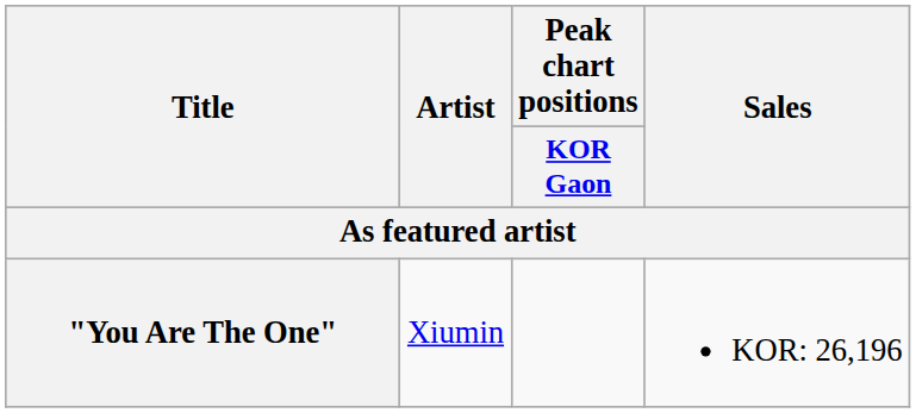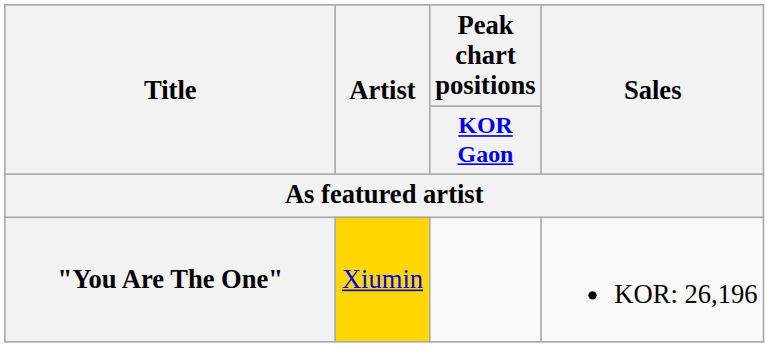 <table class="wikitable plainrowheaders" style="text-align:center;">
 <tr>
 <th rowspan="2" style="width:12em;">Title</th>
 <th rowspan="2">Artist</th>
 <th>Peak chart<br>positions</th>
 <th rowspan="2">Sales</th>
 </tr>
 <tr>
 <th style="width:3em;font-size:90%"><a href='#'>KOR<br>Gaon</a><br></th>
 </tr>
 <tr>
 <th colspan="4">As featured artist</th>
 </tr>
 <tr>
 <th scope=row>"You Are The One"<br></th>
-<td><a href='#'>Xiumin</a></td>
+<td style="background: gold;"><a href='#'>Xiumin</a></td>
 <td></td>
 <td><br><ul><li>KOR: 26,196</li></ul></td>
 </tr>
 </table>
